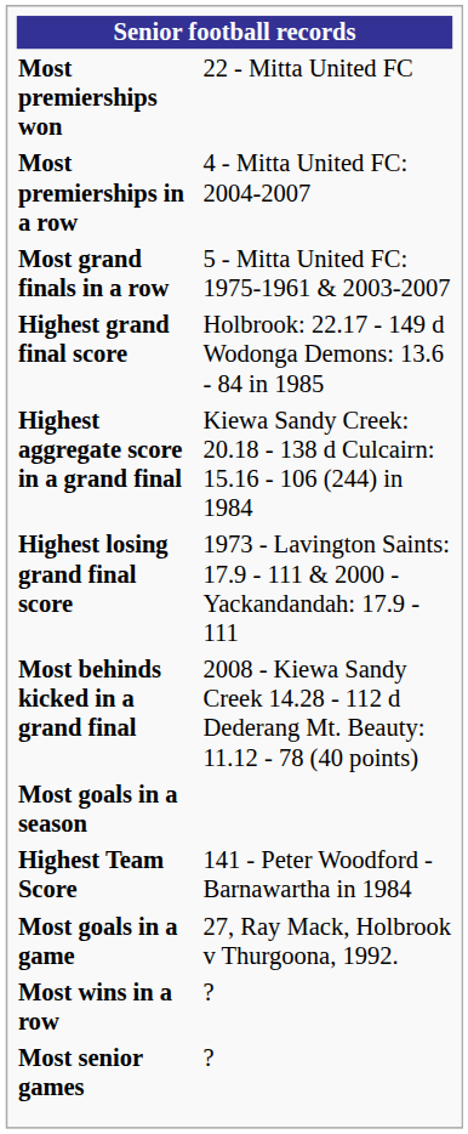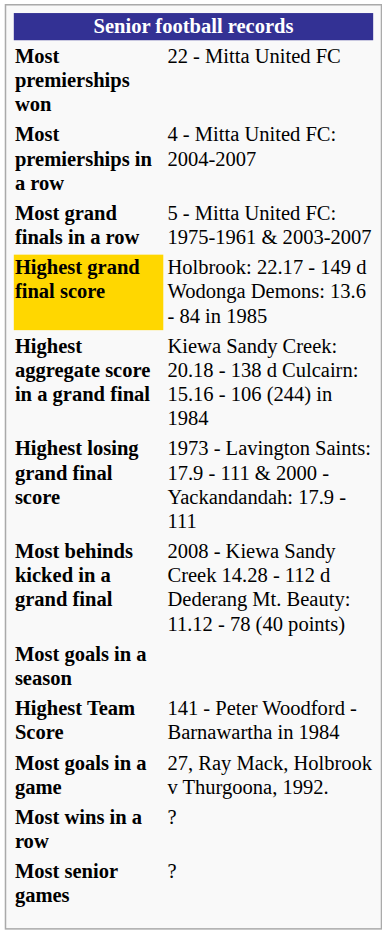 <table class="infobox" style="width:250px; font-size: 85%;">
 <tr>
 <th colspan="2" style="background:#333194; color:white; text-align:center;"><strong>Senior football records</strong></th>
 </tr>
 <tr style="vertical-align: top;">
 <td><strong>Most premierships won</strong></td>
 <td>22 - Mitta United FC</td>
 </tr>
 <tr>
 <td><strong>Most premierships in a row</strong></td>
 <td>4 - Mitta United FC: 2004-2007</td>
 </tr>
 <tr>
 <td><strong>Most grand finals in a row</strong></td>
 <td>5 - Mitta United FC: 1975-1961 & 2003-2007</td>
 </tr>
 <tr>
-<td><strong>Highest grand final score</strong></td>
+<td style="background: gold;"><strong>Highest grand final score</strong></td>
 <td>Holbrook: 22.17 - 149 d Wodonga Demons: 13.6 - 84 in 1985</td>
 </tr>
 <tr>
 <td><strong>Highest aggregate score in a grand final </strong></td>
 <td>Kiewa Sandy Creek: 20.18 - 138 d Culcairn: 15.16 - 106 (244) in 1984</td>
 </tr>
 <tr>
 <td><strong>Highest losing grand final score</strong></td>
 <td>1973 - Lavington Saints: 17.9 - 111 & 2000 - Yackandandah: 17.9 - 111</td>
 </tr>
 <tr>
 <td><strong>Most behinds kicked in a grand final </strong></td>
 <td>2008 - Kiewa Sandy Creek 14.28 - 112 d Dederang Mt. Beauty: 11.12 - 78 (40 points)</td>
 </tr>
 <tr>
 <td><strong>Most goals in a season</strong></td>
 <td></td>
 </tr>
 <tr>
 <td><strong>Highest Team Score</strong></td>
 <td>141 - Peter Woodford - Barnawartha in 1984</td>
 </tr>
 <tr>
 <td><strong>Most goals in a game</strong></td>
 <td>27, Ray Mack, Holbrook v Thurgoona, 1992.</td>
 </tr>
 <tr>
 <td><strong>Most wins in a row</strong></td>
 <td>?</td>
 </tr>
 <tr>
 <td><strong>Most senior games</strong></td>
 <td>?</td>
 </tr>
 <tr>
 </tr>
 <tr style="vertical-align: top;"jnh>
 <td></td>
 </tr>
 <tr>
 </tr>
 </table>
